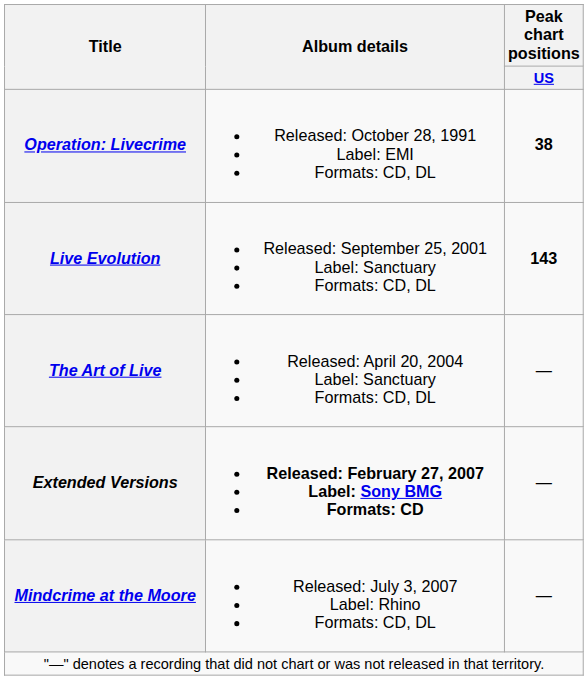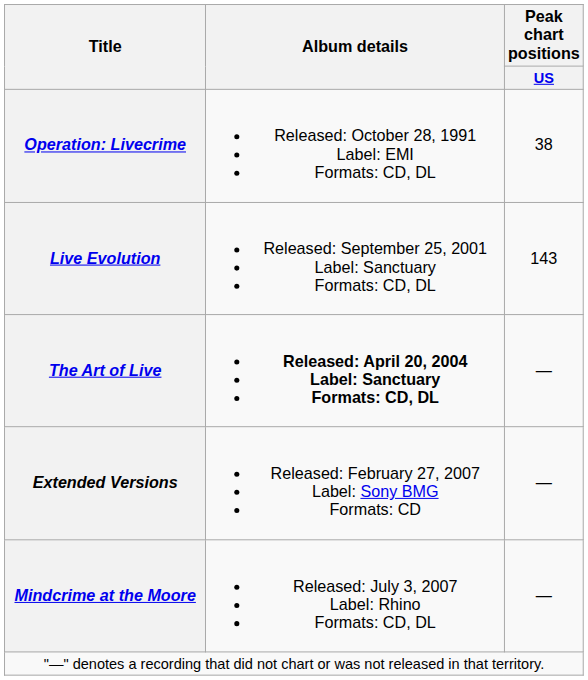 <table class="wikitable plainrowheaders" style="text-align:center;">
 <tr>
 <th scope="col" rowspan="2" style="width:12em;">Title</th>
 <th scope="col" rowspan="2" style="width:18em;">Album details</th>
 <th scope="col" colspan="1">Peak chart positions</th>
 </tr>
 <tr>
 <th scope="col" style="width:3em;font-size:90%;"><a href='#'>US</a><br></th>
 </tr>
 <tr>
 <th scope="row"><em><a href='#'>Operation: Livecrime</a></em></th>
 <td><br><ul><li>Released: October 28, 1991</li><li>Label: EMI</li><li>Formats: CD, DL</li></ul></td>
-<td><strong>38</strong></td>
+<td>38</td>
 </tr>
 <tr>
 <th scope="row"><em><a href='#'>Live Evolution</a></em></th>
 <td><br><ul><li>Released: September 25, 2001</li><li>Label: Sanctuary</li><li>Formats: CD, DL</li></ul></td>
-<td><strong>143</strong></td>
+<td>143</td>
 </tr>
 <tr>
 <th scope="row"><em><a href='#'>The Art of Live</a></em></th>
-<td><br><ul><li>Released: April 20, 2004</li><li>Label: Sanctuary</li><li>Formats: CD, DL</li></ul></td>
+<td><strong><br><ul><li>Released: April 20, 2004</li><li>Label: Sanctuary</li><li>Formats: CD, DL</li></ul></strong></td>
 <td>—</td>
 </tr>
 <tr>
 <th scope="row"><em>Extended Versions</em></th>
-<td><strong><br><ul><li>Released: February 27, 2007</li><li>Label: <a href='#'>Sony BMG</a></li><li>Formats: CD</li></ul></strong></td>
+<td><br><ul><li>Released: February 27, 2007</li><li>Label: <a href='#'>Sony BMG</a></li><li>Formats: CD</li></ul></td>
 <td>—</td>
 </tr>
 <tr>
 <th scope="row"><em><a href='#'>Mindcrime at the Moore</a></em></th>
 <td><br><ul><li>Released: July 3, 2007</li><li>Label: Rhino</li><li>Formats: CD, DL</li></ul></td>
 <td>—</td>
 </tr>
 <tr>
 <td colspan="6" style="font-size:90%">"—" denotes a recording that did not chart or was not released in that territory.</td>
 </tr>
 </table>
